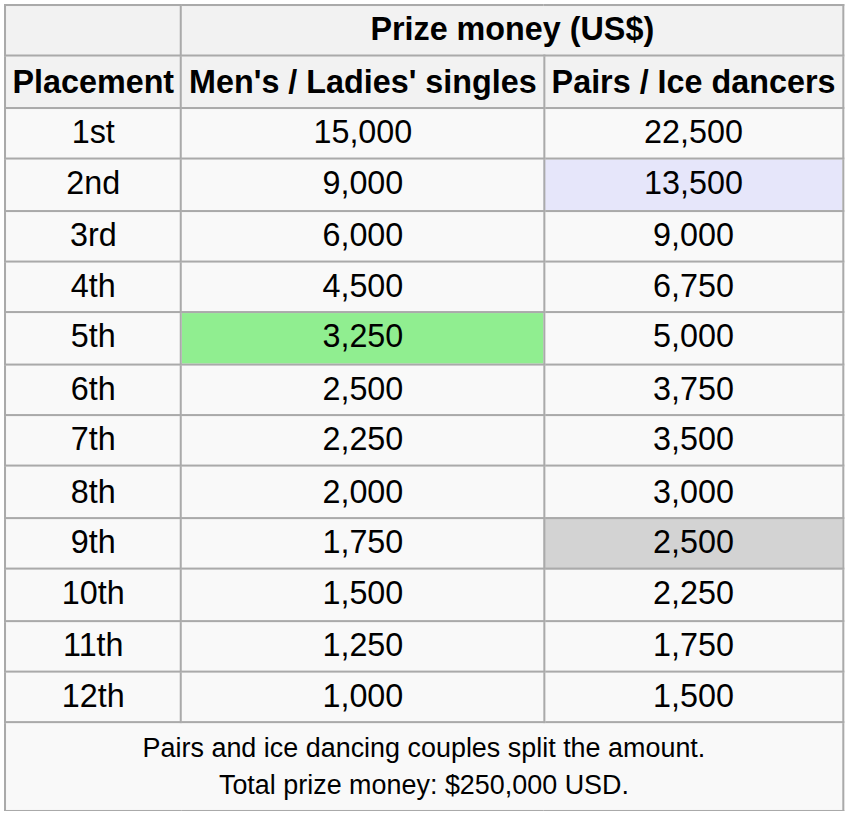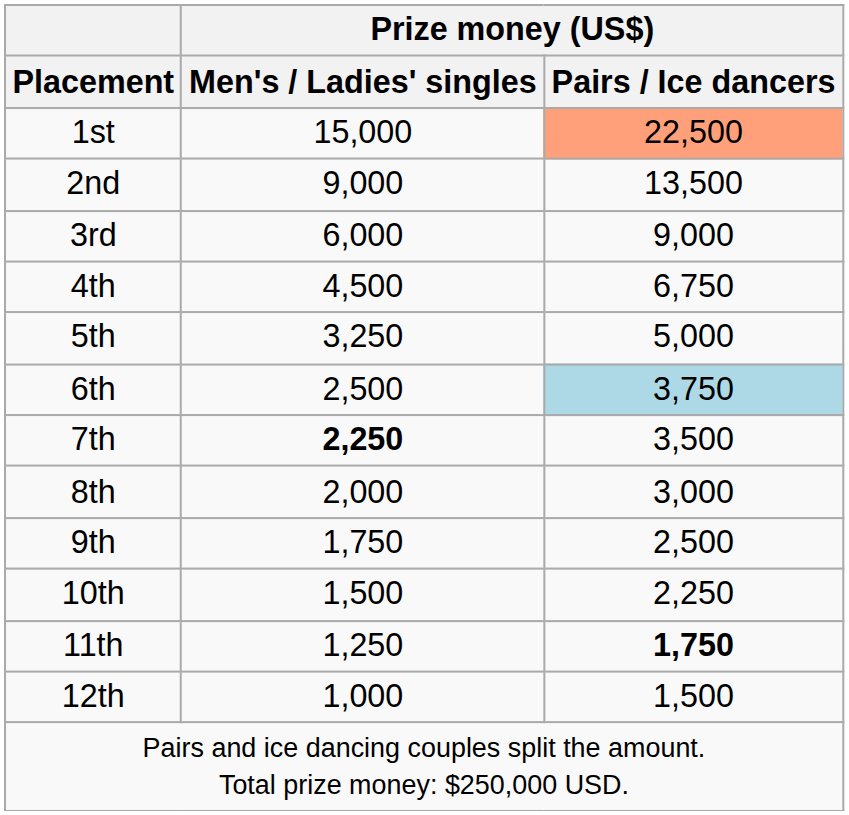 <table class="wikitable" style="text-align:center">
 <tr>
 <th></th>
 <th colspan=2>Prize money (US$)</th>
 </tr>
 <tr>
 <th>Placement</th>
 <th>Men's / Ladies' singles</th>
 <th>Pairs / Ice dancers</th>
 </tr>
 <tr>
 <td>1st</td>
 <td>15,000</td>
-<td>22,500</td>
+<td style="background: lightsalmon;">22,500</td>
 </tr>
 <tr>
 <td>2nd</td>
 <td>9,000</td>
-<td style="background: lavender;">13,500</td>
+<td>13,500</td>
 </tr>
 <tr>
 <td>3rd</td>
 <td>6,000</td>
 <td>9,000</td>
 </tr>
 <tr>
 <td>4th</td>
 <td>4,500</td>
 <td>6,750</td>
 </tr>
 <tr>
 <td>5th</td>
-<td style="background: lightgreen;">3,250</td>
+<td>3,250</td>
 <td>5,000</td>
 </tr>
 <tr>
 <td>6th</td>
 <td>2,500</td>
-<td>3,750</td>
+<td style="background: lightblue;">3,750</td>
 </tr>
 <tr>
 <td>7th</td>
-<td>2,250</td>
+<td><strong>2,250</strong></td>
 <td>3,500</td>
 </tr>
 <tr>
 <td>8th</td>
 <td>2,000</td>
 <td>3,000</td>
 </tr>
 <tr>
 <td>9th</td>
 <td>1,750</td>
-<td style="background: lightgrey;">2,500</td>
+<td>2,500</td>
 </tr>
 <tr>
 <td>10th</td>
 <td>1,500</td>
 <td>2,250</td>
 </tr>
 <tr>
 <td>11th</td>
 <td>1,250</td>
-<td>1,750</td>
+<td><strong>1,750</strong></td>
 </tr>
 <tr>
 <td>12th</td>
 <td>1,000</td>
 <td>1,500</td>
 </tr>
 <tr>
 <td colspan="3" align="center"><small> Pairs and ice dancing couples split the amount. <br> Total prize money: $250,000 USD. </small></td>
 </tr>
 </table>
